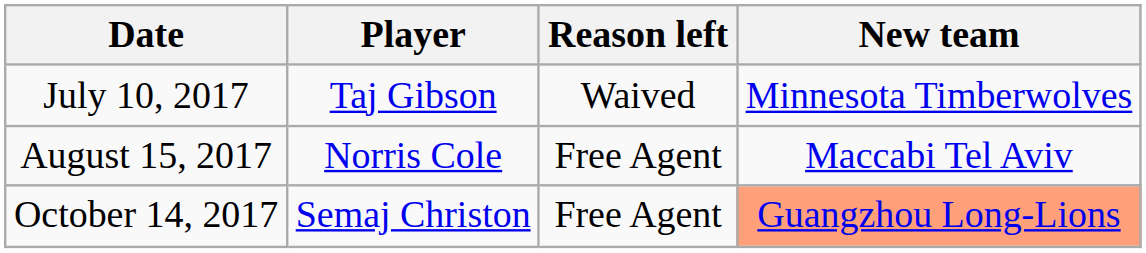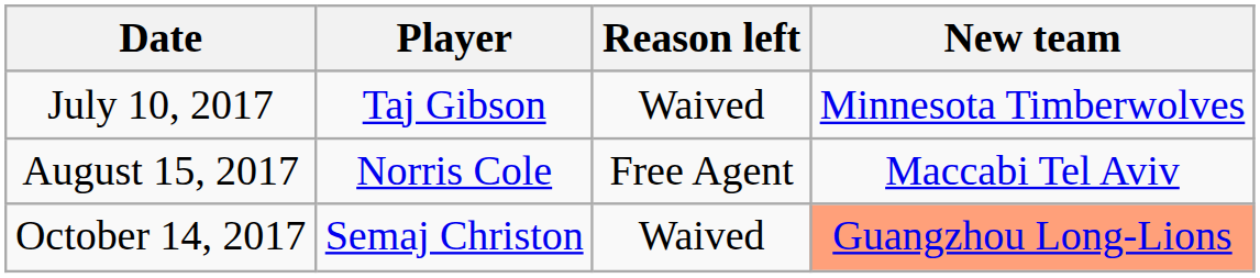 <table class="wikitable" style="text-align: center">
 <tr>
 <th>Date</th>
 <th>Player</th>
 <th>Reason left</th>
 <th>New team</th>
 </tr>
 <tr style="text-align: center">
 <td>July 10, 2017</td>
 <td><a href='#'>Taj Gibson</a></td>
 <td>Waived</td>
 <td><a href='#'>Minnesota Timberwolves</a></td>
 </tr>
 <tr style="text-align: center">
 <td>August 15, 2017</td>
 <td><a href='#'>Norris Cole</a></td>
 <td>Free Agent</td>
 <td> <a href='#'>Maccabi Tel Aviv</a></td>
 </tr>
 <tr style="text-align: center">
 <td>October 14, 2017</td>
 <td><a href='#'>Semaj Christon</a></td>
-<td>Free Agent</td>
+<td>Waived</td>
 <td style="background: lightsalmon;"> <a href='#'>Guangzhou Long-Lions</a></td>
 </tr>
 </table>
